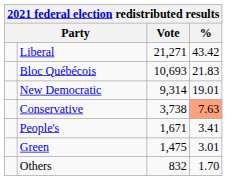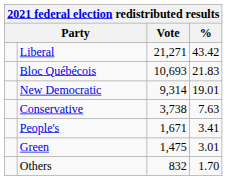 <table class="wikitable">
 <tr>
 <th colspan="4"><a href='#'>2021 federal election</a> redistributed results</th>
 </tr>
 <tr>
 <th bgcolor="#DDDDFF" width="130px" colspan="2">Party</th>
 <th bgcolor="#DDDDFF" width="50px">Vote</th>
 <th bgcolor="#DDDDFF" width="30px">%</th>
 </tr>
 <tr>
 <td> </td>
 <td><a href='#'>Liberal</a></td>
 <td align=right>21,271</td>
 <td align=right>43.42</td>
 </tr>
 <tr>
 <td> </td>
 <td><a href='#'>Bloc Québécois</a></td>
 <td align=right>10,693</td>
 <td align=right>21.83</td>
 </tr>
 <tr>
 <td> </td>
 <td><a href='#'>New Democratic</a></td>
 <td align=right>9,314</td>
 <td align=right>19.01</td>
 </tr>
 <tr>
 <td> </td>
 <td><a href='#'>Conservative</a></td>
 <td align=right>3,738</td>
-<td align=right style="background: lightsalmon;">7.63</td>
+<td align=right>7.63</td>
 </tr>
 <tr>
 <td> </td>
 <td><a href='#'>People's</a></td>
 <td align=right>1,671</td>
 <td align=right>3.41</td>
 </tr>
 <tr>
 <td> </td>
 <td><a href='#'>Green</a></td>
 <td align=right>1,475</td>
 <td align=right>3.01</td>
 </tr>
 <tr>
 <td> </td>
 <td>Others</td>
 <td align=right>832</td>
 <td align=right>1.70</td>
 </tr>
 </table>
